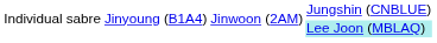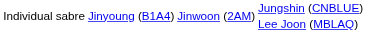 <table>
 <tr>
 <td rowspan="2">Individual sabre</td>
 <td rowspan="2"><a href='#'>Jinyoung</a> (<a href='#'>B1A4</a>)</td>
 <td rowspan="2"><a href='#'>Jinwoon</a> (<a href='#'>2AM</a>)</td>
 <td><a href='#'>Jungshin</a> (<a href='#'>CNBLUE</a>)</td>
 </tr>
 <tr>
-<td style="background: paleturquoise;"><a href='#'>Lee Joon</a> (<a href='#'>MBLAQ</a>)</td>
+<td><a href='#'>Lee Joon</a> (<a href='#'>MBLAQ</a>)</td>
 </tr>
 </table>
